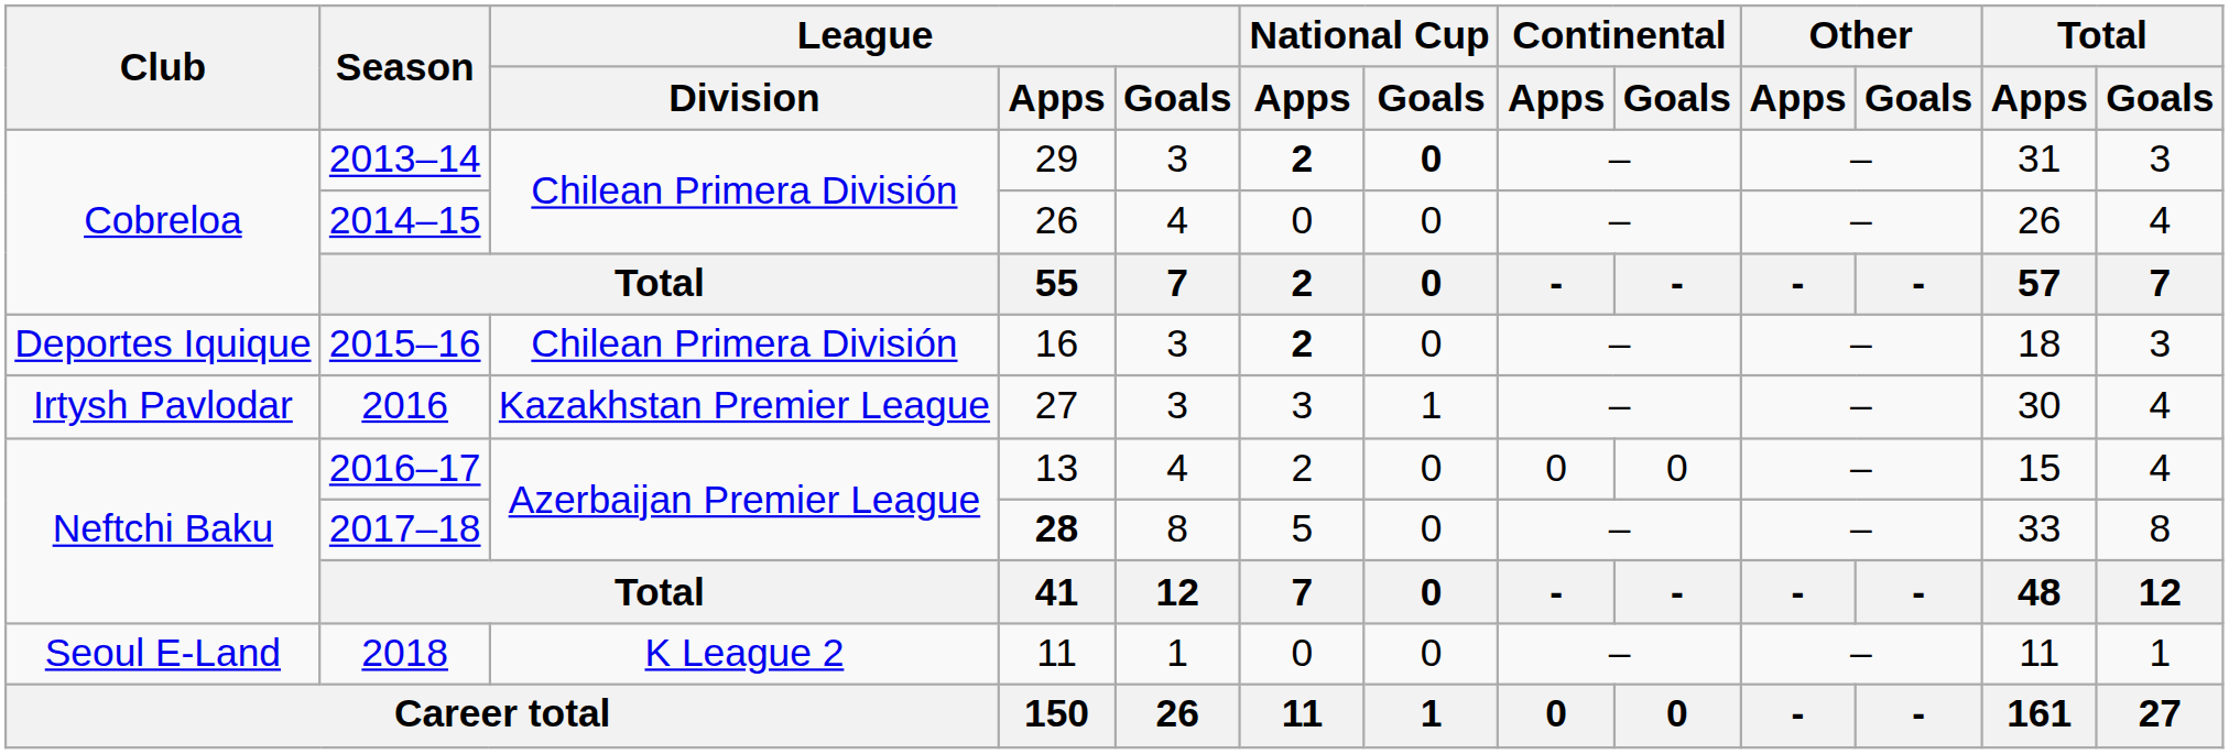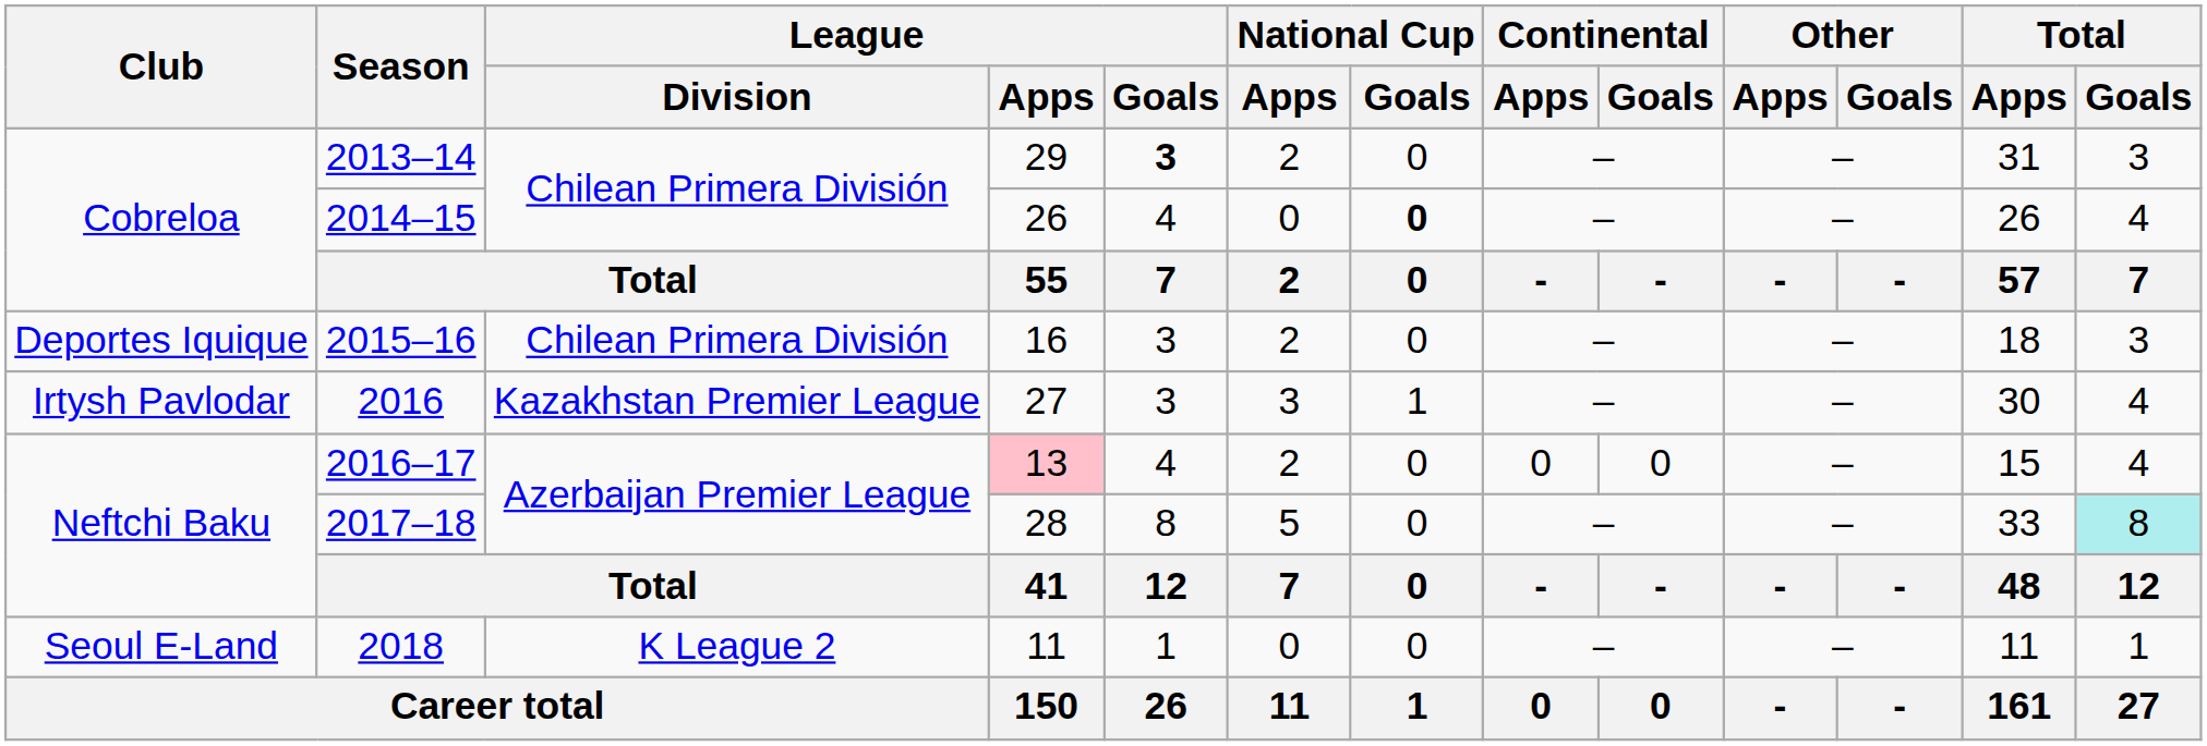 <table class="wikitable" style="text-align: center;">
 <tr>
 <th rowspan="2">Club</th>
 <th rowspan="2">Season</th>
 <th colspan="3">League</th>
 <th colspan="2">National Cup</th>
 <th colspan="2">Continental</th>
 <th colspan="2">Other</th>
 <th colspan="2">Total</th>
 </tr>
 <tr>
 <th>Division</th>
 <th>Apps</th>
 <th>Goals</th>
 <th>Apps</th>
 <th>Goals</th>
 <th>Apps</th>
 <th>Goals</th>
 <th>Apps</th>
 <th>Goals</th>
 <th>Apps</th>
 <th>Goals</th>
 </tr>
 <tr>
 <td rowspan="3" valign="center"><a href='#'>Cobreloa</a></td>
 <td><a href='#'>2013–14</a></td>
 <td rowspan="2" valign="center"><a href='#'>Chilean Primera División</a></td>
 <td>29</td>
-<td>3</td>
-<td><strong>2</strong></td>
-<td><strong>0</strong></td>
+<td><strong>3</strong></td>
+<td>2</td>
+<td>0</td>
 <td colspan="2">–</td>
 <td colspan="2">–</td>
 <td>31</td>
 <td>3</td>
 </tr>
 <tr>
 <td><a href='#'>2014–15</a></td>
 <td>26</td>
 <td>4</td>
 <td>0</td>
-<td>0</td>
+<td><strong>0</strong></td>
 <td colspan="2">–</td>
 <td colspan="2">–</td>
 <td>26</td>
 <td>4</td>
 </tr>
 <tr>
 <th colspan="2">Total</th>
 <th>55</th>
 <th>7</th>
 <th>2</th>
 <th>0</th>
 <th>-</th>
 <th>-</th>
 <th>-</th>
 <th>-</th>
 <th>57</th>
 <th>7</th>
 </tr>
 <tr>
 <td valign="center"><a href='#'>Deportes Iquique</a></td>
 <td><a href='#'>2015–16</a></td>
 <td><a href='#'>Chilean Primera División</a></td>
 <td>16</td>
 <td>3</td>
-<td><strong>2</strong></td>
+<td>2</td>
 <td>0</td>
 <td colspan="2">–</td>
 <td colspan="2">–</td>
 <td>18</td>
 <td>3</td>
 </tr>
 <tr>
 <td valign="center"><a href='#'>Irtysh Pavlodar</a></td>
 <td><a href='#'>2016</a></td>
 <td><a href='#'>Kazakhstan Premier League</a></td>
 <td>27</td>
 <td>3</td>
 <td>3</td>
 <td>1</td>
 <td colspan="2">–</td>
 <td colspan="2">–</td>
 <td>30</td>
 <td>4</td>
 </tr>
 <tr>
 <td rowspan="3" valign="center"><a href='#'>Neftchi Baku</a></td>
 <td><a href='#'>2016–17</a></td>
 <td rowspan="2" valign="center"><a href='#'>Azerbaijan Premier League</a></td>
-<td>13</td>
+<td style="background: pink;">13</td>
 <td>4</td>
 <td>2</td>
 <td>0</td>
 <td>0</td>
 <td>0</td>
 <td colspan="2">–</td>
 <td>15</td>
 <td>4</td>
 </tr>
 <tr>
 <td><a href='#'>2017–18</a></td>
-<td><strong>28</strong></td>
+<td>28</td>
 <td>8</td>
 <td>5</td>
 <td>0</td>
 <td colspan="2">–</td>
 <td colspan="2">–</td>
 <td>33</td>
-<td>8</td>
+<td style="background: paleturquoise;">8</td>
 </tr>
 <tr>
 <th colspan="2">Total</th>
 <th>41</th>
 <th>12</th>
 <th>7</th>
 <th>0</th>
 <th>-</th>
 <th>-</th>
 <th>-</th>
 <th>-</th>
 <th>48</th>
 <th>12</th>
 </tr>
 <tr>
 <td valign="center"><a href='#'>Seoul E-Land</a></td>
 <td><a href='#'>2018</a></td>
 <td><a href='#'>K League 2</a></td>
 <td>11</td>
 <td>1</td>
 <td>0</td>
 <td>0</td>
 <td colspan="2">–</td>
 <td colspan="2">–</td>
 <td>11</td>
 <td>1</td>
 </tr>
 <tr>
 <th colspan="3">Career total</th>
 <th>150</th>
 <th>26</th>
 <th>11</th>
 <th>1</th>
 <th>0</th>
 <th>0</th>
 <th>-</th>
 <th>-</th>
 <th>161</th>
 <th>27</th>
 </tr>
 </table>
